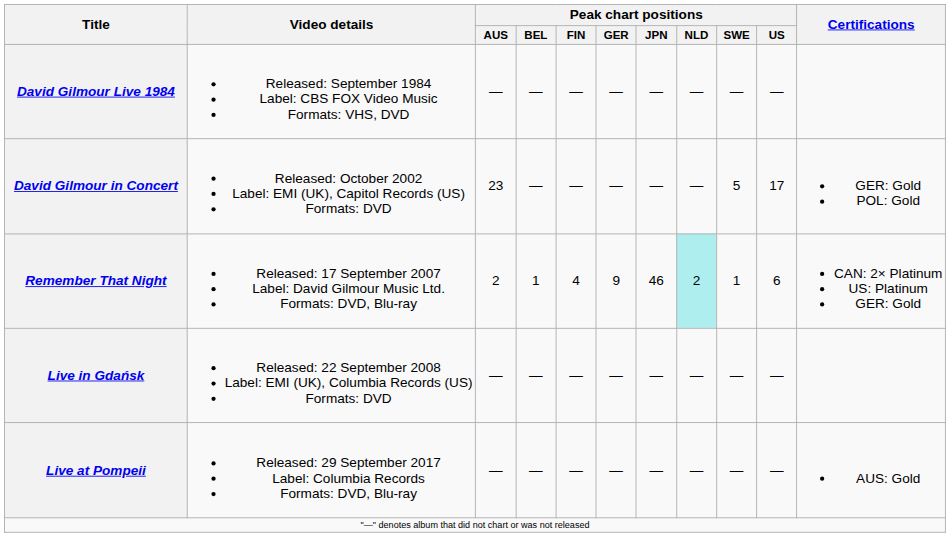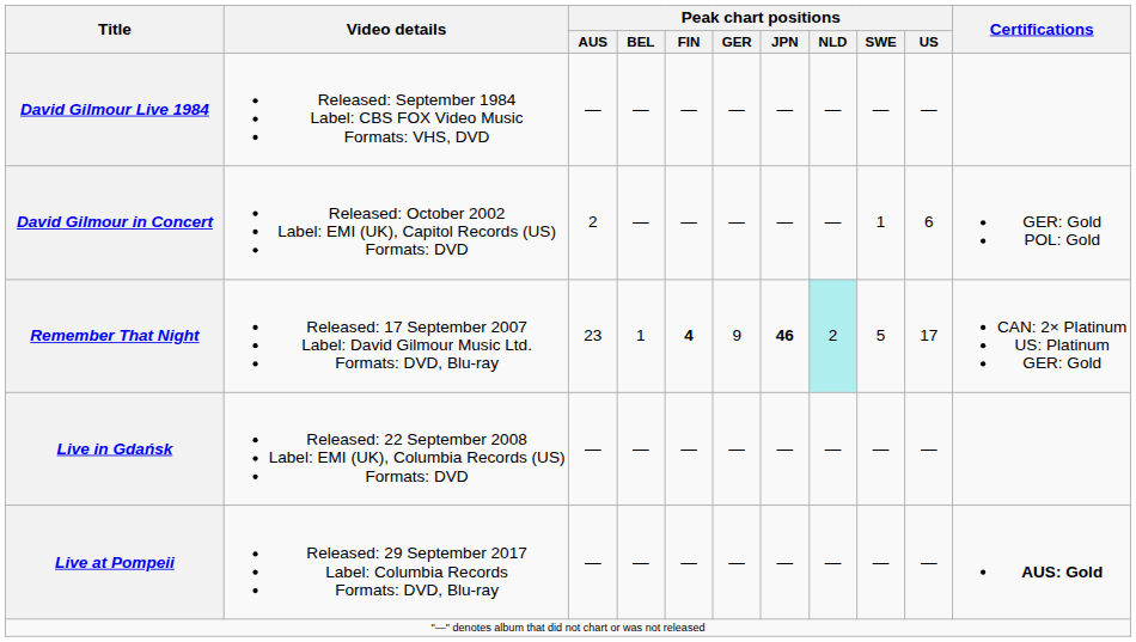 <table class="wikitable plainrowheaders" style="text-align:center;" border="1">
 <tr>
 <th scope="col" rowspan="2" style="width:13em;">Title</th>
 <th scope="col" rowspan="2">Video details</th>
 <th scope="col" colspan="8">Peak chart positions</th>
 <th scope="col" rowspan="2"><a href='#'>Certifications</a></th>
 </tr>
 <tr>
 <th scope="col" style="width:3em;font-size:85%;">AUS<br></th>
 <th scope="col" style="width:3em;font-size:85%;">BEL<br></th>
 <th scope="col" style="width:3em;font-size:85%;">FIN<br></th>
 <th scope="col" style="width:3em;font-size:85%;">GER<br></th>
 <th scope="col" style="width:3em;font-size:85%;">JPN<br></th>
 <th scope="col" style="width:3em;font-size:85%;">NLD<br></th>
 <th scope="col" style="width:3em;font-size:85%;">SWE<br></th>
 <th scope="col" style="width:3em;font-size:85%;">US<br></th>
 </tr>
 <tr>
 <th scope="row"><em><a href='#'>David Gilmour Live 1984</a></em></th>
 <td><br><ul><li>Released: September 1984</li><li>Label: CBS FOX Video Music</li><li>Formats: VHS, DVD</li></ul></td>
 <td>—</td>
 <td>—</td>
 <td>—</td>
 <td>—</td>
 <td>—</td>
 <td>—</td>
 <td>—</td>
 <td>—</td>
 <td></td>
 </tr>
 <tr>
 <th scope="row"><em><a href='#'>David Gilmour in Concert</a></em></th>
 <td><br><ul><li>Released: October 2002</li><li>Label: EMI (UK), Capitol Records (US)</li><li>Formats: DVD</li></ul></td>
-<td>23</td>
+<td>2</td>
 <td>—</td>
 <td>—</td>
 <td>—</td>
 <td>—</td>
 <td>—</td>
-<td>5</td>
-<td>17</td>
+<td>1</td>
+<td>6</td>
 <td><br><ul><li>GER: Gold</li><li>POL: Gold</li></ul></td>
 </tr>
 <tr>
 <th scope="row"><em><a href='#'>Remember That Night</a></em></th>
 <td><br><ul><li>Released: 17 September 2007</li><li>Label: David Gilmour Music Ltd.</li><li>Formats: DVD, Blu-ray</li></ul></td>
-<td>2</td>
+<td>23</td>
 <td>1</td>
-<td>4</td>
+<td><strong>4</strong></td>
 <td>9</td>
-<td>46</td>
+<td><strong>46</strong></td>
 <td style="background: paleturquoise;">2</td>
-<td>1</td>
-<td>6</td>
+<td>5</td>
+<td>17</td>
 <td><br><ul><li>CAN: 2× Platinum</li><li>US: Platinum</li><li>GER: Gold</li></ul></td>
 </tr>
 <tr>
 <th scope="row"><em><a href='#'>Live in Gdańsk</a></em></th>
 <td><br><ul><li>Released: 22 September 2008</li><li>Label: EMI (UK), Columbia Records (US)</li><li>Formats: DVD</li></ul></td>
 <td>—</td>
 <td>—</td>
 <td>—</td>
 <td>—</td>
 <td>—</td>
 <td>—</td>
 <td>—</td>
 <td>—</td>
 <td></td>
 </tr>
 <tr>
 <th scope="row"><em><a href='#'>Live at Pompeii</a></em></th>
 <td><br><ul><li>Released: 29 September 2017</li><li>Label: Columbia Records</li><li>Formats: DVD, Blu-ray</li></ul></td>
 <td>—</td>
 <td>—</td>
 <td>—</td>
 <td>—</td>
 <td>—</td>
 <td>—</td>
 <td>—</td>
 <td>—</td>
-<td><br><ul><li>AUS: Gold</li></ul></td>
+<td><strong><br><ul><li>AUS: Gold</li></ul></strong></td>
 </tr>
 <tr>
 <td colspan="15" style="font-size:8pt">"—" denotes album that did not chart or was not released</td>
 </tr>
 </table>
